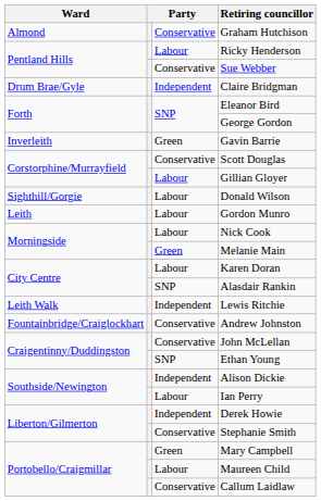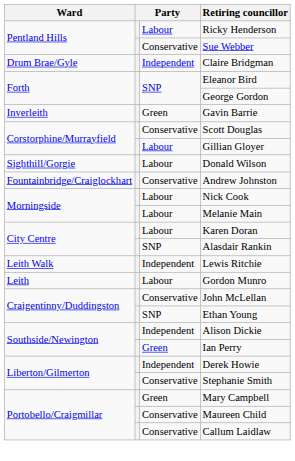 <table class="wikitable sortable">
 <tr>
 <th>Ward</th>
 <th colspan="2">Party</th>
 <th>Retiring councillor</th>
-</tr>
-<tr>
-<td><a href='#'>Almond</a></td>
-<th style="background-color: "></th>
-<td><a href='#'>Conservative</a></td>
-<td>Graham Hutchison</td>
 </tr>
 <tr>
 <td rowspan="2"><a href='#'>Pentland Hills</a></td>
 <th style="background-color: "></th>
 <td><a href='#'>Labour</a></td>
 <td>Ricky Henderson</td>
 </tr>
 <tr>
 <th style="background-color: "></th>
 <td>Conservative</td>
 <td><a href='#'>Sue Webber</a></td>
 </tr>
 <tr>
 <td><a href='#'>Drum Brae/Gyle</a></td>
 <th style="background-color: "></th>
 <td><a href='#'>Independent</a></td>
 <td>Claire Bridgman</td>
 </tr>
 <tr>
 <td rowspan="2"><a href='#'>Forth</a></td>
 <th rowspan="2" style="background-color: "></th>
 <td rowspan="2"><a href='#'>SNP</a></td>
 <td>Eleanor Bird</td>
 </tr>
 <tr>
 <td>George Gordon</td>
 </tr>
 <tr>
 <td><a href='#'>Inverleith</a></td>
 <th style="background-color: "></th>
 <td>Green</td>
 <td>Gavin Barrie</td>
 </tr>
 <tr>
 <td rowspan="2"><a href='#'>Corstorphine/Murrayfield</a></td>
 <th style="background-color: "></th>
 <td>Conservative</td>
 <td>Scott Douglas</td>
 </tr>
 <tr>
 <th style="background-color: "></th>
 <td><a href='#'>Labour</a></td>
 <td>Gillian Gloyer</td>
 </tr>
 <tr>
 <td><a href='#'>Sighthill/Gorgie</a></td>
 <th style="background-color: "></th>
 <td>Labour</td>
 <td>Donald Wilson</td>
 </tr>
 <tr>
-<td><a href='#'>Leith</a></td>
+<td><a href='#'>Fountainbridge/Craiglockhart</a></td>
 <th style="background-color: "></th>
-<td>Labour</td>
-<td>Gordon Munro</td>
+<td>Conservative</td>
+<td>Andrew Johnston</td>
 </tr>
 <tr>
 <td rowspan="2"><a href='#'>Morningside</a></td>
 <th style="background-color: "></th>
 <td>Labour</td>
 <td>Nick Cook</td>
 </tr>
 <tr>
 <th style="background-color: "></th>
-<td><a href='#'>Green</a></td>
+<td>Labour</td>
 <td>Melanie Main</td>
 </tr>
 <tr>
 <td rowspan="2"><a href='#'>City Centre</a></td>
 <th style="background-color: "></th>
 <td>Labour</td>
 <td>Karen Doran</td>
 </tr>
 <tr>
 <th style="background-color: "></th>
 <td>SNP</td>
 <td>Alasdair Rankin</td>
 </tr>
 <tr>
 <td><a href='#'>Leith Walk</a></td>
 <th style="background-color: "></th>
 <td>Independent</td>
 <td>Lewis Ritchie</td>
 </tr>
 <tr>
-<td><a href='#'>Fountainbridge/Craiglockhart</a></td>
+<td><a href='#'>Leith</a></td>
 <th style="background-color: "></th>
-<td>Conservative</td>
-<td>Andrew Johnston</td>
+<td>Labour</td>
+<td>Gordon Munro</td>
 </tr>
 <tr>
 <td rowspan="2"><a href='#'>Craigentinny/Duddingston</a></td>
 <th style="background-color: "></th>
 <td>Conservative</td>
 <td>John McLellan</td>
 </tr>
 <tr>
 <th style="background-color: "></th>
 <td>SNP</td>
 <td>Ethan Young</td>
 </tr>
 <tr>
 <td rowspan="2"><a href='#'>Southside/Newington</a></td>
 <th style="background-color: "></th>
 <td>Independent</td>
 <td>Alison Dickie</td>
 </tr>
 <tr>
 <th style="background-color: "></th>
-<td>Labour</td>
+<td><a href='#'>Green</a></td>
 <td>Ian Perry</td>
 </tr>
 <tr>
 <td rowspan="2"><a href='#'>Liberton/Gilmerton</a></td>
 <th style="background-color: "></th>
 <td>Independent</td>
 <td>Derek Howie</td>
 </tr>
 <tr>
 <th style="background-color: "></th>
 <td>Conservative</td>
 <td>Stephanie Smith</td>
 </tr>
 <tr>
 <td rowspan="3"><a href='#'>Portobello/Craigmillar</a></td>
 <th style="background-color: "></th>
 <td>Green</td>
 <td>Mary Campbell</td>
 </tr>
 <tr>
 <th style="background-color: "></th>
-<td>Labour</td>
+<td>Conservative</td>
 <td>Maureen Child</td>
 </tr>
 <tr>
 <th style="background-color: "></th>
 <td>Conservative</td>
 <td>Callum Laidlaw</td>
 </tr>
 </table>
